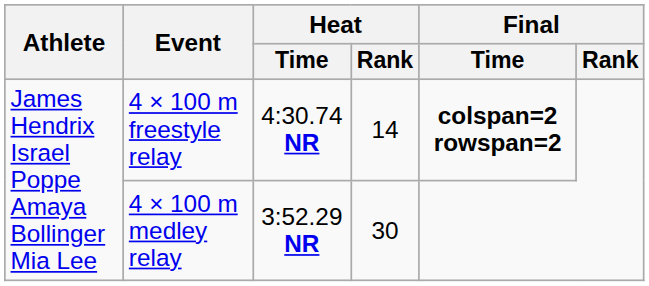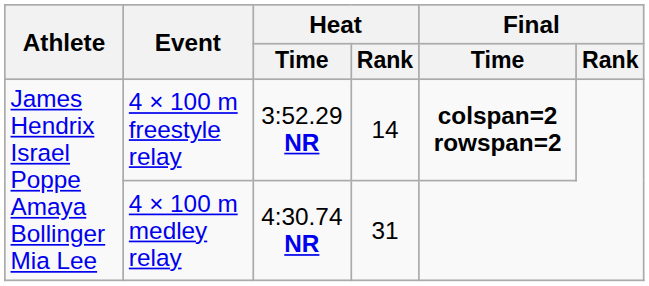 <table class="wikitable" style="text-align:center; font-size:90%; width:30%;">
 <tr>
 <th rowspan="2">Athlete</th>
 <th rowspan="2">Event</th>
 <th colspan="2">Heat</th>
 <th colspan="2">Final</th>
 </tr>
 <tr style="font-size:95%">
 <th>Time</th>
 <th>Rank</th>
 <th>Time</th>
 <th>Rank</th>
 </tr>
 <tr>
 <td align=left rowspan=2><a href='#'>James Hendrix</a> <br><a href='#'>Israel Poppe</a><br><a href='#'>Amaya Bollinger</a> <br><a href='#'>Mia Lee</a></td>
 <td align=left><a href='#'>4 × 100 m freestyle relay</a></td>
-<td>4:30.74  <strong><a href='#'>NR</a></strong></td>
+<td>3:52.29  <strong><a href='#'>NR</a></strong></td>
 <td>14</td>
 <td><strong>colspan=2 rowspan=2 </strong></td>
 </tr>
 <tr>
 <td align=left><a href='#'>4 × 100 m medley relay</a></td>
-<td>3:52.29  <strong><a href='#'>NR</a></strong></td>
-<td>30</td>
+<td>4:30.74  <strong><a href='#'>NR</a></strong></td>
+<td>31</td>
 </tr>
 </table>
